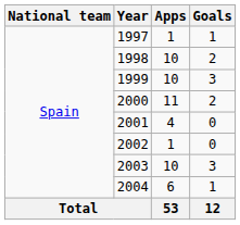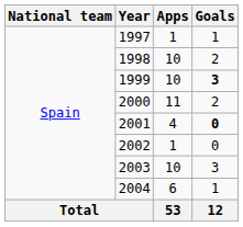 <table class="wikitable" style="text-align:center">
 <tr>
 <th>National team</th>
 <th>Year</th>
 <th>Apps</th>
 <th>Goals</th>
 </tr>
 <tr>
 <td rowspan="8"><a href='#'>Spain</a></td>
 <td>1997</td>
 <td>1</td>
 <td>1</td>
 </tr>
 <tr>
 <td>1998</td>
 <td>10</td>
 <td>2</td>
 </tr>
 <tr>
 <td>1999</td>
 <td>10</td>
-<td>3</td>
+<td><strong>3</strong></td>
 </tr>
 <tr>
 <td>2000</td>
 <td>11</td>
 <td>2</td>
 </tr>
 <tr>
 <td>2001</td>
 <td>4</td>
-<td>0</td>
+<td><strong>0</strong></td>
 </tr>
 <tr>
 <td>2002</td>
 <td>1</td>
 <td>0</td>
 </tr>
 <tr>
 <td>2003</td>
 <td>10</td>
 <td>3</td>
 </tr>
 <tr>
 <td>2004</td>
 <td>6</td>
 <td>1</td>
 </tr>
 <tr>
 <th colspan="2">Total</th>
 <th>53</th>
 <th>12</th>
 </tr>
 </table>
